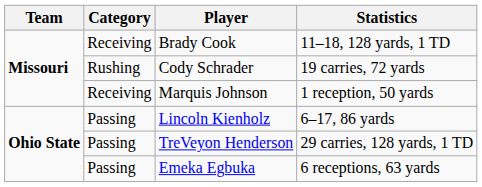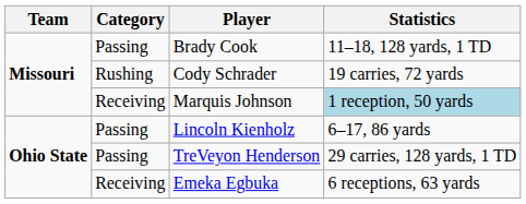 <table class="wikitable" style="float: right;">
 <tr>
 <th>Team</th>
 <th>Category</th>
 <th>Player</th>
 <th>Statistics</th>
 </tr>
 <tr>
 <td rowspan=3><strong>Missouri</strong></td>
-<td>Receiving</td>
+<td>Passing</td>
 <td>Brady Cook</td>
 <td>11–18, 128 yards, 1 TD</td>
 </tr>
 <tr>
 <td>Rushing</td>
 <td>Cody Schrader</td>
 <td>19 carries, 72 yards</td>
 </tr>
 <tr>
 <td>Receiving</td>
 <td>Marquis Johnson</td>
-<td>1 reception, 50 yards</td>
+<td style="background: lightblue;">1 reception, 50 yards</td>
 </tr>
 <tr>
 <td rowspan=3><strong>Ohio State</strong></td>
 <td>Passing</td>
 <td><a href='#'>Lincoln Kienholz</a></td>
 <td>6–17, 86 yards</td>
 </tr>
 <tr>
 <td>Passing</td>
 <td><a href='#'>TreVeyon Henderson</a></td>
 <td>29 carries, 128 yards, 1 TD</td>
 </tr>
 <tr>
-<td>Passing</td>
+<td>Receiving</td>
 <td><a href='#'>Emeka Egbuka</a></td>
 <td>6 receptions, 63 yards</td>
 </tr>
 </table>
